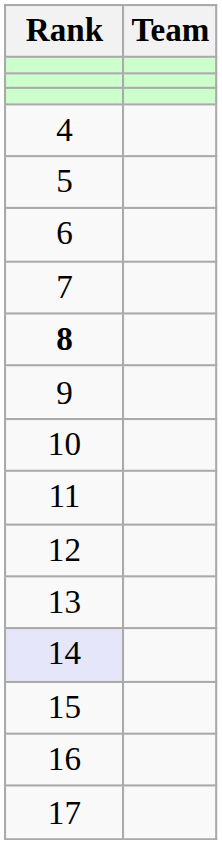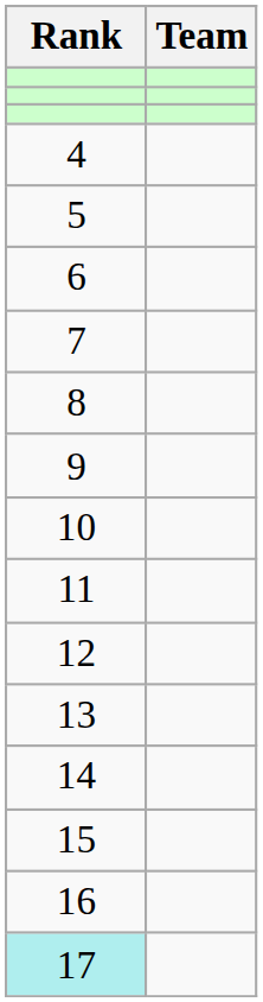 <table class="wikitable" style="text-align: center">
 <tr>
 <th width=50>Rank</th>
 <th>Team</th>
 </tr>
 <tr bgcolor=#ccffcc>
 <td></td>
 <td align=left></td>
 </tr>
 <tr bgcolor=#ccffcc>
 <td></td>
 <td align=left></td>
 </tr>
 <tr bgcolor=#ccffcc>
 <td></td>
 <td align=left></td>
 </tr>
 <tr>
 <td>4</td>
 <td align=left></td>
 </tr>
 <tr>
 <td>5</td>
 <td align=left></td>
 </tr>
 <tr>
 <td>6</td>
 <td align=left></td>
 </tr>
 <tr>
 <td>7</td>
 <td align=left></td>
 </tr>
 <tr>
-<td><strong>8</strong></td>
+<td>8</td>
 <td align=left></td>
 </tr>
 <tr>
 <td>9</td>
 <td align=left></td>
 </tr>
 <tr>
 <td>10</td>
 <td align=left></td>
 </tr>
 <tr>
 <td>11</td>
 <td align=left></td>
 </tr>
 <tr>
 <td>12</td>
 <td align=left></td>
 </tr>
 <tr>
 <td>13</td>
 <td align=left></td>
 </tr>
 <tr>
-<td style="background: lavender;">14</td>
+<td>14</td>
 <td align=left></td>
 </tr>
 <tr>
 <td>15</td>
 <td align=left></td>
 </tr>
 <tr>
 <td>16</td>
 <td align=left></td>
 </tr>
 <tr>
-<td>17</td>
+<td style="background: paleturquoise;">17</td>
 <td align=left></td>
 </tr>
 </table>
